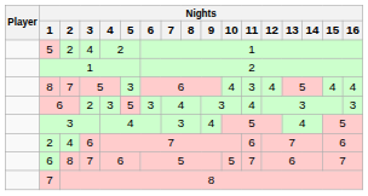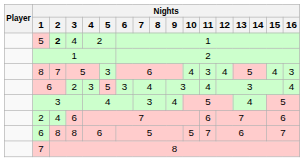 <table class="wikitable sortable">
 <tr style="font-size:10pt;font-weight:bold">
 <th rowspan=2>Player</th>
 <th colspan=16>Nights</th>
 </tr>
 <tr>
 <th style="width:20px;">1</th>
 <th style="width:20px;">2</th>
 <th style="width:20px;">3</th>
 <th style="width:20px;">4</th>
 <th style="width:20px;">5</th>
 <th style="width:20px;">6</th>
 <th style="width:20px;">7</th>
 <th style="width:20px;">8</th>
 <th style="width:20px;">9</th>
 <th style="width:20px;">10</th>
 <th style="width:20px;">11</th>
 <th style="width:20px;">12</th>
 <th style="width:20px;">13</th>
 <th style="width:20px;">14</th>
 <th style="width:20px;">15</th>
 <th style="width:20px;">16</th>
 </tr>
 <tr>
 <td></td>
 <td style="text-align:center; background:#ffcccc;">5</td>
-<td style="text-align:center; background:#cfc;">2</td>
+<td style="text-align:center; background:#cfc;"><strong>2</strong></td>
 <td style="text-align:center; background:#cfc;">4</td>
 <td colspan=2 style="text-align:center; background:#cfc;">2</td>
 <td colspan=11 style="text-align:center; background:#cfc;">1</td>
 </tr>
 <tr>
 <td></td>
 <td colspan=5 style="text-align:center; background:#cfc;">1</td>
 <td colspan=11 style="text-align:center; background:#cfc;">2</td>
 </tr>
 <tr>
 <td></td>
 <td style="text-align:center; background:#ffcccc;">8</td>
 <td style="text-align:center; background:#ffcccc;">7</td>
 <td colspan=2 style="text-align:center; background:#ffcccc;">5</td>
 <td style="text-align:center; background:#cfc;">3</td>
 <td colspan=4 style="text-align:center; background:#ffcccc;">6</td>
 <td style="text-align:center; background:#cfc;">4</td>
 <td style="text-align:center; background:#cfc;">3</td>
 <td style="text-align:center; background:#cfc;">4</td>
 <td colspan=2 style="text-align:center; background:#ffcccc;">5</td>
 <td style="text-align:center; background:#cfc;">4</td>
-<td style="text-align:center; background:#cfc;">4</td>
+<td style="text-align:center; background:#cfc;">3</td>
 </tr>
 <tr>
 <td></td>
 <td colspan=2 style="text-align:center; background:#ffcccc;">6</td>
 <td style="text-align:center; background:#cfc;">2</td>
 <td style="text-align:center; background:#cfc;">3</td>
 <td style="text-align:center; background:#ffcccc;">5</td>
 <td style="text-align:center; background:#cfc;">3</td>
 <td colspan=2 style="text-align:center; background:#cfc;">4</td>
 <td colspan=2 style="text-align:center; background:#cfc;">3</td>
 <td style="text-align:center; background:#cfc;">4</td>
 <td colspan=4 style="text-align:center; background:#cfc;">3</td>
-<td style="text-align:center; background:#cfc;">3</td>
+<td style="text-align:center; background:#cfc;">4</td>
 </tr>
 <tr>
 <td></td>
 <td colspan=3 style="text-align:center; background:#cfc;">3</td>
 <td colspan=3 style="text-align:center; background:#cfc;">4</td>
 <td colspan=2 style="text-align:center; background:#cfc;">3</td>
 <td style="text-align:center; background:#cfc;">4</td>
 <td colspan=3 style="text-align:center; background:#ffcccc;">5</td>
 <td colspan=2 style="text-align:center; background:#cfc;">4</td>
 <td colspan=2 style="text-align:center; background:#ffcccc;">5</td>
 </tr>
 <tr>
 <td></td>
 <td style="text-align:center; background:#cfc;">2</td>
 <td style="text-align:center; background:#cfc;">4</td>
 <td style="text-align:center; background:#ffcccc;">6</td>
 <td colspan=7 style="text-align:center; background:#ffcccc;">7</td>
 <td style="text-align:center; background:#ffcccc;">6</td>
 <td colspan=3 style="text-align:center; background:#ffcccc;">7</td>
 <td colspan=2 style="text-align:center; background:#ffcccc;">6</td>
 </tr>
 <tr>
 <td></td>
 <td style="text-align:center; background:#cfc;">6</td>
 <td style="text-align:center; background:#ffcccc;">8</td>
-<td style="text-align:center; background:#ffcccc;">7</td>
+<td style="text-align:center; background:#ffcccc;">8</td>
 <td colspan=2 style="text-align:center; background:#ffcccc;">6</td>
 <td colspan=4 style="text-align:center; background:#ffcccc;">5</td>
 <td style="text-align:center; background:#ffcccc;">5</td>
 <td style="text-align:center; background:#ffcccc;">7</td>
 <td colspan=3 style="text-align:center; background:#ffcccc;">6</td>
 <td colspan=2 style="text-align:center; background:#ffcccc;">7</td>
 </tr>
 <tr>
 <td></td>
 <td style="text-align:center; background:#ffcccc;">7</td>
 <td colspan=15 style="text-align:center; background:#ffcccc;">8</td>
 </tr>
 </table>
